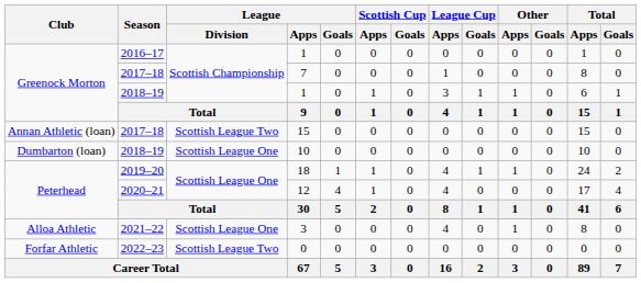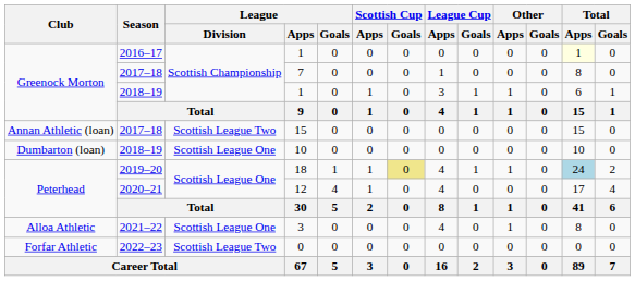 <table class="wikitable" style="text-align:center">
 <tr>
 <th rowspan="2">Club</th>
 <th rowspan="2">Season</th>
 <th colspan="3">League</th>
 <th colspan="2"><a href='#'>Scottish Cup</a></th>
 <th colspan="2"><a href='#'>League Cup</a></th>
 <th colspan="2">Other</th>
 <th colspan="2">Total</th>
 </tr>
 <tr>
 <th>Division</th>
 <th>Apps</th>
 <th>Goals</th>
 <th>Apps</th>
 <th>Goals</th>
 <th>Apps</th>
 <th>Goals</th>
 <th>Apps</th>
 <th>Goals</th>
 <th>Apps</th>
 <th>Goals</th>
 </tr>
 <tr>
 <td rowspan="4"><a href='#'>Greenock Morton</a></td>
 <td><a href='#'>2016–17</a></td>
 <td rowspan="3"><a href='#'>Scottish Championship</a></td>
 <td>1</td>
 <td>0</td>
 <td>0</td>
 <td>0</td>
 <td>0</td>
 <td>0</td>
 <td>0</td>
 <td>0</td>
-<td>1</td>
+<td style="background: lightyellow;">1</td>
 <td>0</td>
 </tr>
 <tr>
 <td><a href='#'>2017–18</a></td>
 <td>7</td>
 <td>0</td>
 <td>0</td>
 <td>0</td>
 <td>1</td>
 <td>0</td>
 <td>0</td>
 <td>0</td>
 <td>8</td>
 <td>0</td>
 </tr>
 <tr>
 <td><a href='#'>2018–19</a></td>
 <td>1</td>
 <td>0</td>
 <td>1</td>
 <td>0</td>
 <td>3</td>
 <td>1</td>
 <td>1</td>
 <td>0</td>
 <td>6</td>
 <td>1</td>
 </tr>
 <tr>
 <th colspan="2">Total</th>
 <th>9</th>
 <th>0</th>
 <th>1</th>
 <th>0</th>
 <th>4</th>
 <th>1</th>
 <th>1</th>
 <th>0</th>
 <th>15</th>
 <th>1</th>
 </tr>
 <tr>
 <td><a href='#'>Annan Athletic</a> (loan)</td>
 <td><a href='#'>2017–18</a></td>
 <td><a href='#'>Scottish League Two</a></td>
 <td>15</td>
 <td>0</td>
 <td>0</td>
 <td>0</td>
 <td>0</td>
 <td>0</td>
 <td>0</td>
 <td>0</td>
 <td>15</td>
 <td>0</td>
 </tr>
 <tr>
 <td><a href='#'>Dumbarton</a> (loan)</td>
 <td><a href='#'>2018–19</a></td>
 <td><a href='#'>Scottish League One</a></td>
 <td>10</td>
 <td>0</td>
 <td>0</td>
 <td>0</td>
 <td>0</td>
 <td>0</td>
 <td>0</td>
 <td>0</td>
 <td>10</td>
 <td>0</td>
 </tr>
 <tr>
 <td rowspan="3"><a href='#'>Peterhead</a></td>
 <td><a href='#'>2019–20</a></td>
 <td rowspan="2"><a href='#'>Scottish League One</a></td>
 <td>18</td>
 <td>1</td>
 <td>1</td>
-<td>0</td>
+<td style="background: khaki;">0</td>
 <td>4</td>
 <td>1</td>
 <td>1</td>
 <td>0</td>
-<td>24</td>
+<td style="background: lightblue;">24</td>
 <td>2</td>
 </tr>
 <tr>
 <td><a href='#'>2020–21</a></td>
 <td>12</td>
 <td>4</td>
 <td>1</td>
 <td>0</td>
 <td>4</td>
 <td>0</td>
 <td>0</td>
 <td>0</td>
 <td>17</td>
 <td>4</td>
 </tr>
 <tr>
 <th colspan="2">Total</th>
 <th>30</th>
 <th>5</th>
 <th>2</th>
 <th>0</th>
 <th>8</th>
 <th>1</th>
 <th>1</th>
 <th>0</th>
 <th>41</th>
 <th>6</th>
 </tr>
 <tr>
 <td><a href='#'>Alloa Athletic</a></td>
 <td><a href='#'>2021–22</a></td>
 <td><a href='#'>Scottish League One</a></td>
 <td>3</td>
 <td>0</td>
 <td>0</td>
 <td>0</td>
 <td>4</td>
 <td>0</td>
 <td>1</td>
 <td>0</td>
 <td>8</td>
 <td>0</td>
 </tr>
 <tr>
 <td><a href='#'>Forfar Athletic</a></td>
 <td><a href='#'>2022–23</a></td>
 <td><a href='#'>Scottish League Two</a></td>
 <td>0</td>
 <td>0</td>
 <td>0</td>
 <td>0</td>
 <td>0</td>
 <td>0</td>
 <td>0</td>
 <td>0</td>
 <td>0</td>
 <td>0</td>
 </tr>
 <tr>
 <th colspan="3">Career Total</th>
 <th>67</th>
 <th>5</th>
 <th>3</th>
 <th>0</th>
 <th>16</th>
 <th>2</th>
 <th>3</th>
 <th>0</th>
 <th>89</th>
 <th>7</th>
 </tr>
 </table>
